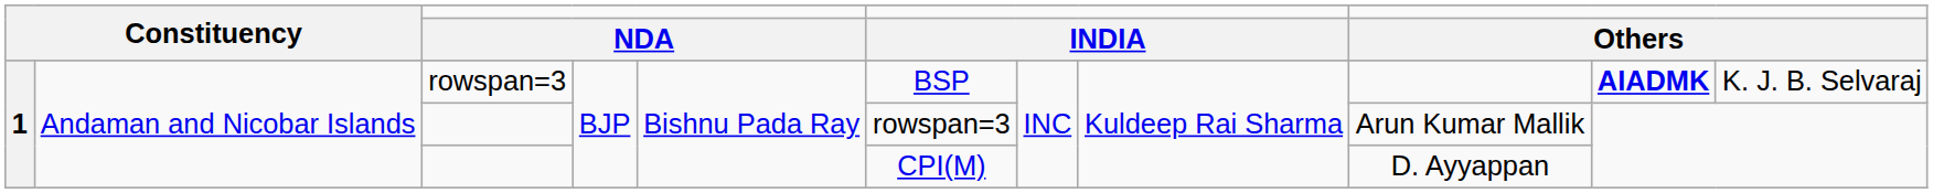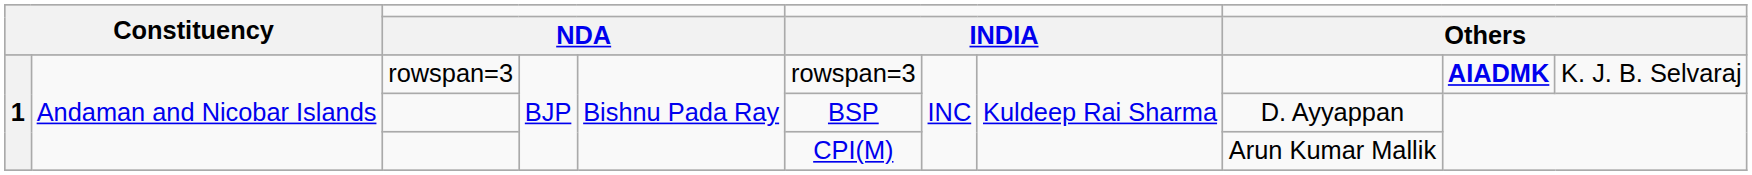 <table class="wikitable sortable" style="text-align:center;font-size:95%;line-height:16px">
 <tr>
 <th colspan=2 rowspan=2>Constituency</th>
 <td colspan=3 bgcolor=></td>
 <td colspan=3 bgcolor=></td>
 <td colspan=3 bgcolor=></td>
 </tr>
 <tr>
 <th colspan=3><a href='#'>NDA</a></th>
 <th colspan=3><a href='#'>INDIA</a></th>
 <th colspan=3>Others</th>
 </tr>
 <tr>
 <th rowspan=3>1</th>
 <td rowspan=3><a href='#'>Andaman and Nicobar Islands</a></td>
 <td>rowspan=3 </td>
 <td rowspan=3><a href='#'>BJP</a></td>
 <td rowspan=3><a href='#'>Bishnu Pada Ray</a></td>
-<td><a href='#'>BSP</a></td>
+<td>rowspan=3 </td>
 <td rowspan=3><a href='#'>INC</a></td>
 <td rowspan=3><a href='#'>Kuldeep Rai Sharma</a></td>
 <td></td>
 <td><strong><a href='#'>AIADMK</a></strong></td>
 <td>K. J. B. Selvaraj</td>
 </tr>
 <tr>
 <td></td>
-<td>rowspan=3 </td>
-<td>Arun Kumar Mallik</td>
+<td><a href='#'>BSP</a></td>
+<td>D. Ayyappan</td>
 </tr>
 <tr>
 <td></td>
 <td><a href='#'>CPI(M)</a></td>
-<td>D. Ayyappan</td>
+<td>Arun Kumar Mallik</td>
 </tr>
 </table>
